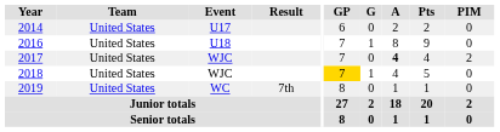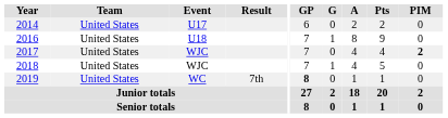 <table border="0" cellpadding="1" cellspacing="0" ID="Table3" style="text-align:center; width:40em;">
 <tr style="background:#e0e0e0;">
 <th>Year</th>
 <th>Team</th>
 <th>Event</th>
 <th>Result</th>
 <th rowspan="99" style="background:#fff;"></th>
 <th>GP</th>
 <th>G</th>
 <th>A</th>
 <th>Pts</th>
 <th>PIM</th>
 </tr>
 <tr style="background:#f0f0f0;">
 <td><a href='#'>2014</a></td>
 <td><a href='#'>United States</a></td>
 <td><a href='#'>U17</a></td>
 <td></td>
 <td>6</td>
 <td>0</td>
 <td>2</td>
 <td>2</td>
 <td>0</td>
 </tr>
 <tr>
 <td><a href='#'>2016</a></td>
 <td>United States</td>
 <td><a href='#'>U18</a></td>
 <td></td>
 <td>7</td>
 <td>1</td>
 <td>8</td>
 <td>9</td>
 <td>0</td>
 </tr>
 <tr style="background:#f0f0f0;">
 <td><a href='#'>2017</a></td>
 <td>United States</td>
 <td><a href='#'>WJC</a></td>
 <td></td>
 <td>7</td>
 <td>0</td>
-<td><strong>4</strong></td>
 <td>4</td>
-<td>2</td>
+<td>4</td>
+<td><strong>2</strong></td>
 </tr>
 <tr>
 <td><a href='#'>2018</a></td>
 <td>United States</td>
 <td>WJC</td>
 <td></td>
-<td style="background: gold;">7</td>
+<td>7</td>
 <td>1</td>
 <td>4</td>
 <td>5</td>
 <td>0</td>
 </tr>
 <tr style="background:#f0f0f0;">
 <td><a href='#'>2019</a></td>
 <td><a href='#'>United States</a></td>
 <td><a href='#'>WC</a></td>
 <td>7th</td>
-<td>8</td>
+<td><strong>8</strong></td>
 <td>0</td>
 <td>1</td>
 <td>1</td>
 <td>0</td>
 </tr>
 <tr style="background:#e0e0e0;">
 <th colspan="4">Junior totals</th>
 <th>27</th>
 <th>2</th>
 <th>18</th>
 <th>20</th>
 <th>2</th>
 </tr>
 <tr style="background:#e0e0e0;">
 <th colspan="4">Senior totals</th>
 <th>8</th>
 <th>0</th>
 <th>1</th>
 <th>1</th>
 <th>0</th>
 </tr>
 </table>
